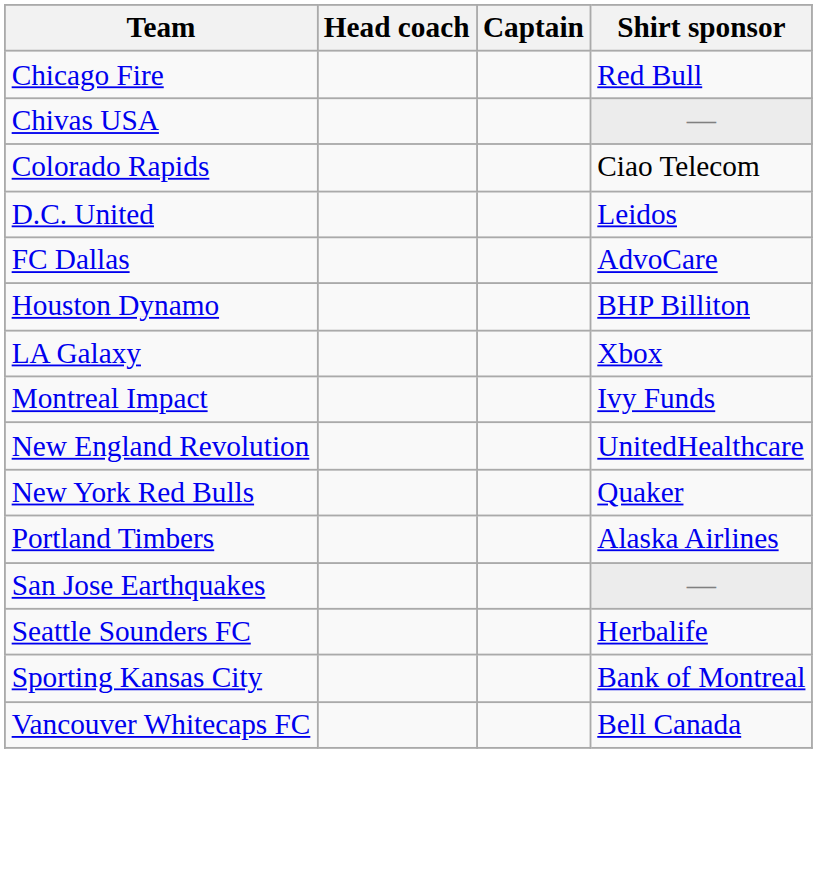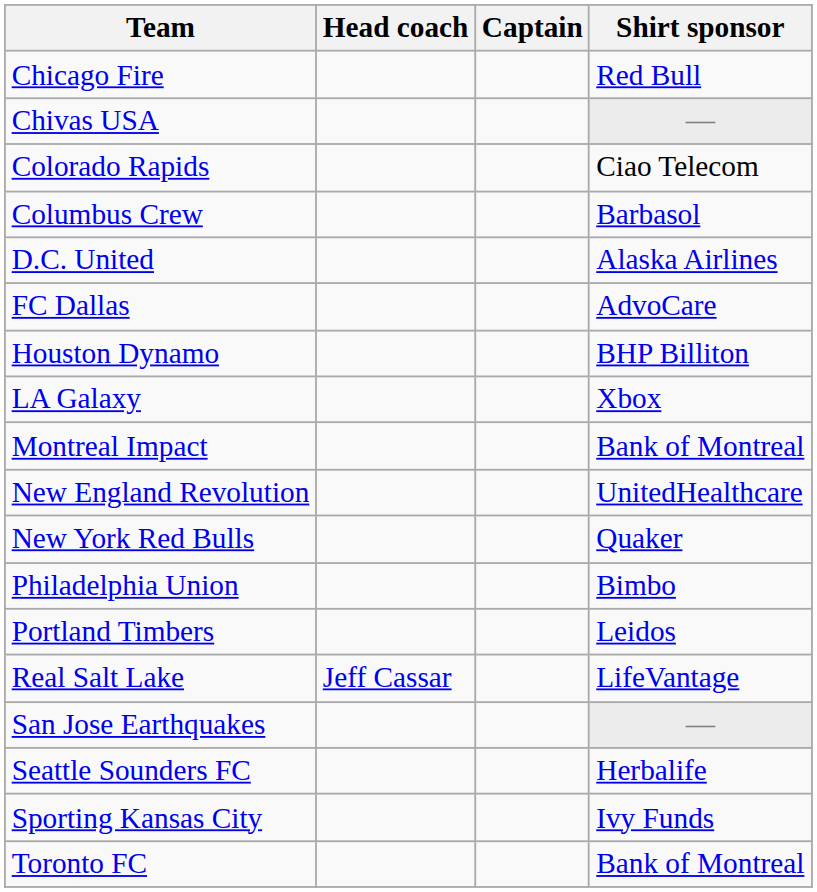 <table class="wikitable sortable" style="text-align: left;">
 <tr>
 <th>Team</th>
 <th>Head coach</th>
 <th>Captain</th>
 <th>Shirt sponsor</th>
 </tr>
 <tr>
 <td><a href='#'>Chicago Fire</a></td>
 <td> </td>
 <td> </td>
 <td><a href='#'>Red Bull</a></td>
 </tr>
 <tr>
 <td><a href='#'>Chivas USA</a></td>
 <td> </td>
 <td> </td>
 <td align="center" style="background:#ececec; color:gray">—</td>
 </tr>
 <tr>
 <td><a href='#'>Colorado Rapids</a></td>
 <td> </td>
 <td> </td>
 <td>Ciao Telecom</td>
 </tr>
 <tr>
+<td><a href='#'>Columbus Crew</a></td>
+<td> </td>
+<td> </td>
+<td><a href='#'>Barbasol</a></td>
+</tr>
+<tr>
 <td><a href='#'>D.C. United</a></td>
 <td> </td>
 <td> </td>
-<td><a href='#'>Leidos</a></td>
+<td><a href='#'>Alaska Airlines</a></td>
 </tr>
 <tr>
 <td><a href='#'>FC Dallas</a></td>
 <td> </td>
 <td> </td>
 <td><a href='#'>AdvoCare</a></td>
 </tr>
 <tr>
 <td><a href='#'>Houston Dynamo</a></td>
 <td> </td>
 <td> </td>
 <td><a href='#'>BHP Billiton</a></td>
 </tr>
 <tr>
 <td><a href='#'>LA Galaxy</a></td>
 <td> </td>
 <td> </td>
 <td><a href='#'>Xbox</a></td>
 </tr>
 <tr>
 <td><a href='#'>Montreal Impact</a></td>
 <td> </td>
 <td> </td>
-<td><a href='#'>Ivy Funds</a></td>
+<td><a href='#'>Bank of Montreal</a></td>
 </tr>
 <tr>
 <td><a href='#'>New England Revolution</a></td>
 <td> </td>
 <td> </td>
 <td><a href='#'>UnitedHealthcare</a></td>
 </tr>
 <tr>
 <td><a href='#'>New York Red Bulls</a></td>
 <td> </td>
 <td> </td>
 <td><a href='#'>Quaker</a></td>
 </tr>
 <tr>
+<td><a href='#'>Philadelphia Union</a></td>
+<td> </td>
+<td> </td>
+<td><a href='#'>Bimbo</a></td>
+</tr>
+<tr>
 <td><a href='#'>Portland Timbers</a></td>
 <td> </td>
 <td> </td>
-<td><a href='#'>Alaska Airlines</a></td>
+<td><a href='#'>Leidos</a></td>
+</tr>
+<tr>
+<td><a href='#'>Real Salt Lake</a></td>
+<td> <a href='#'>Jeff Cassar</a></td>
+<td> </td>
+<td><a href='#'>LifeVantage</a></td>
 </tr>
 <tr>
 <td><a href='#'>San Jose Earthquakes</a></td>
 <td> </td>
 <td> </td>
 <td align="center" style="background:#ececec; color:gray">—</td>
 </tr>
 <tr>
 <td><a href='#'>Seattle Sounders FC</a></td>
 <td> </td>
 <td> </td>
 <td><a href='#'>Herbalife</a></td>
 </tr>
 <tr>
 <td><a href='#'>Sporting Kansas City</a></td>
 <td> </td>
 <td> </td>
+<td><a href='#'>Ivy Funds</a></td>
+</tr>
+<tr>
+<td><a href='#'>Toronto FC</a></td>
+<td> </td>
+<td> </td>
 <td><a href='#'>Bank of Montreal</a></td>
 </tr>
-<tr>
-<td><a href='#'>Vancouver Whitecaps FC</a></td>
-<td> </td>
-<td> </td>
-<td><a href='#'>Bell Canada</a></td>
-</tr>
 </table>
